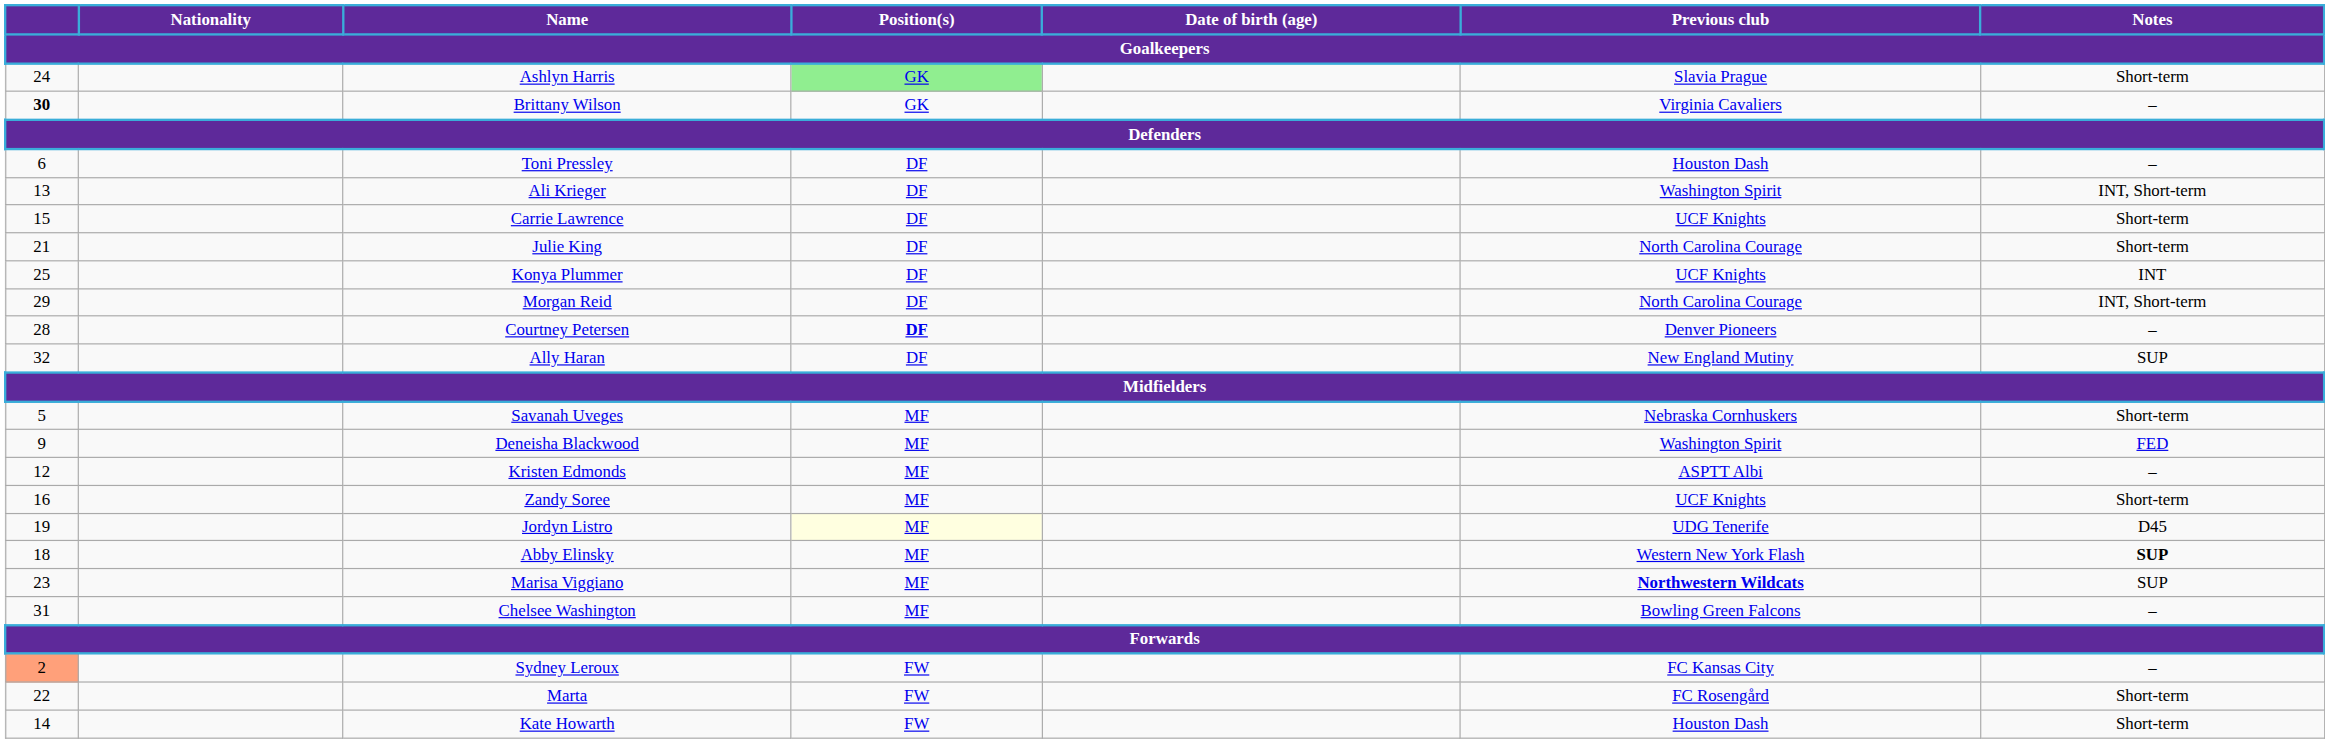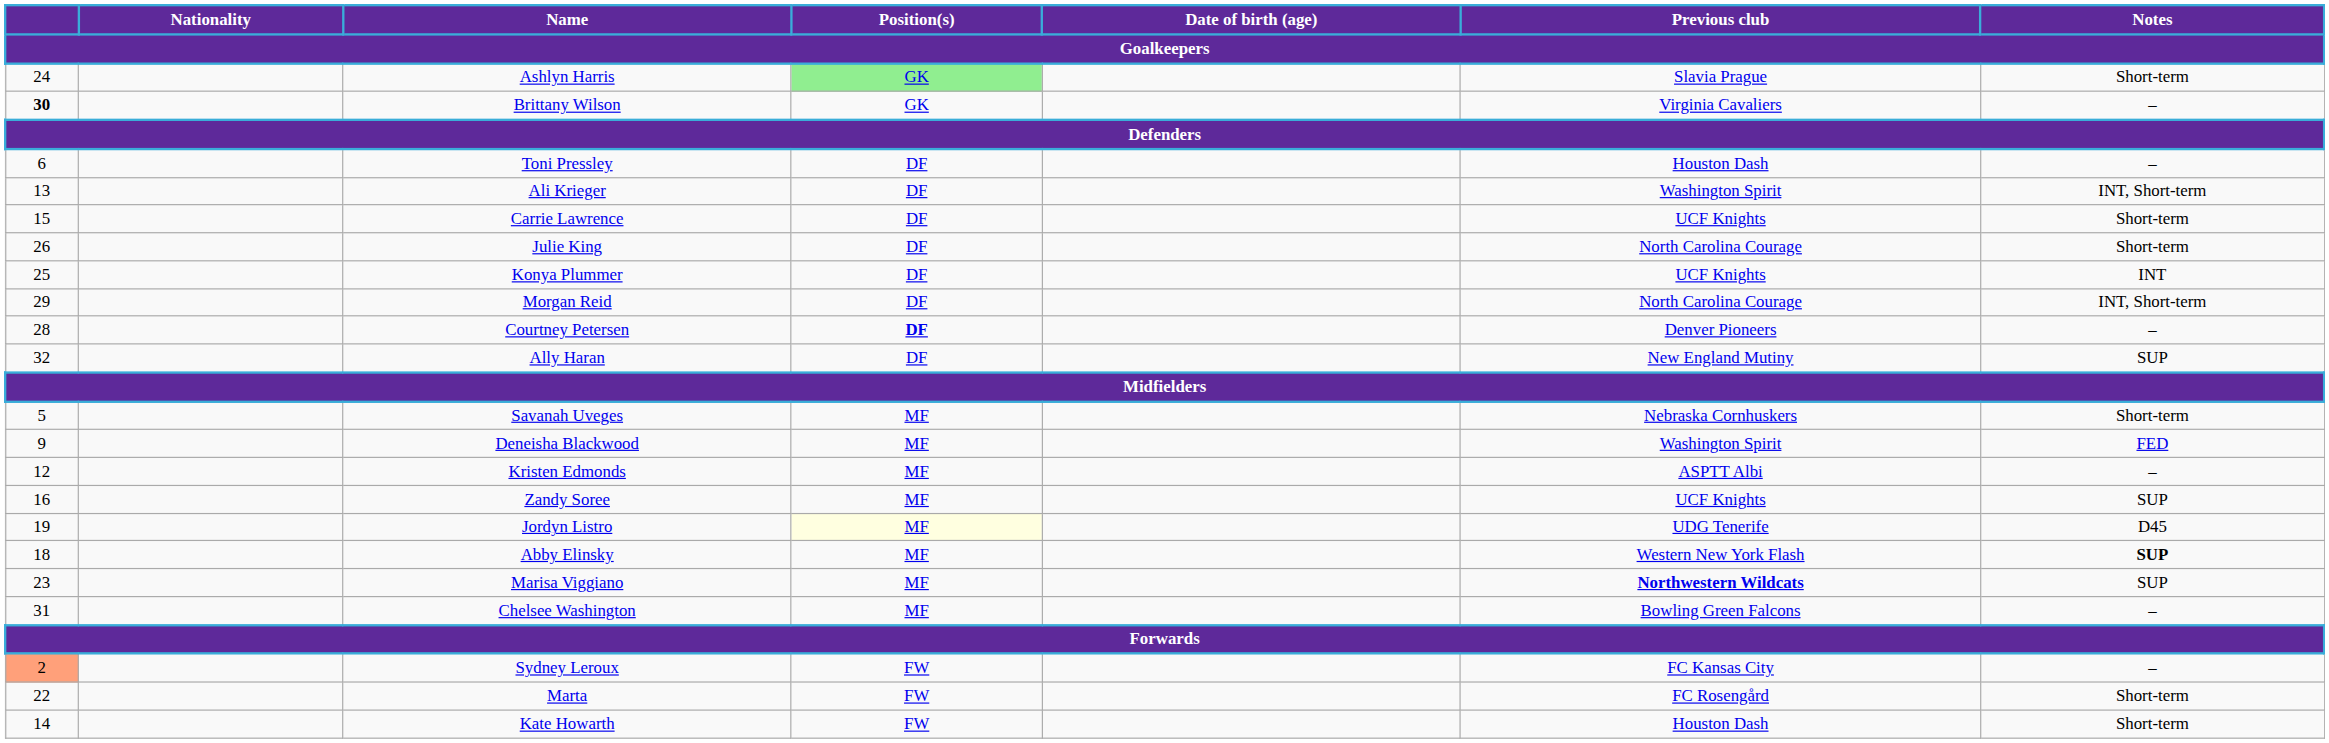 <table class="wikitable" style="text-align:center; font-size:90%; width:100%;">
 <tr>
 <th style="background:#5E299A; color:white; border:2px solid #3aadd9; text-align:center;"></th>
 <th style="background:#5E299A; color:white; border:2px solid #3aadd9; text-align:center;">Nationality</th>
 <th style="background:#5E299A; color:white; border:2px solid #3aadd9; text-align:center;">Name</th>
 <th style="background:#5E299A; color:white; border:2px solid #3aadd9; text-align:center;">Position(s)</th>
 <th style="background:#5E299A; color:white; border:2px solid #3aadd9; text-align:center;">Date of birth (age)</th>
 <th style="background:#5E299A; color:white; border:2px solid #3aadd9; text-align:center;">Previous club</th>
 <th style="background:#5E299A; color:white; border:2px solid #3aadd9; text-align:center;">Notes</th>
 </tr>
 <tr>
 <th colspan="7" style="text-align:center; background:#5E299A; color:white; border:2px solid #3aadd9;">Goalkeepers<br></th>
 </tr>
 <tr>
 <td>24</td>
 <td></td>
 <td><a href='#'>Ashlyn Harris</a></td>
 <td style="background: lightgreen;"><a href='#'>GK</a></td>
 <td></td>
 <td> <a href='#'>Slavia Prague</a></td>
 <td>Short-term</td>
 </tr>
 <tr>
 <td><strong>30</strong></td>
 <td></td>
 <td><a href='#'>Brittany Wilson</a></td>
 <td><a href='#'>GK</a></td>
 <td></td>
 <td> <a href='#'>Virginia Cavaliers</a></td>
 <td>–</td>
 </tr>
 <tr>
 <th colspan="7" style="text-align:center; background:#5E299A; color:white; border:2px solid #3aadd9;">Defenders</th>
 </tr>
 <tr>
 <td>6</td>
 <td></td>
 <td><a href='#'>Toni Pressley</a></td>
 <td><a href='#'>DF</a></td>
 <td></td>
 <td> <a href='#'>Houston Dash</a></td>
 <td>–<br> </td>
 </tr>
 <tr>
 <td>13</td>
 <td></td>
 <td><a href='#'>Ali Krieger</a></td>
 <td><a href='#'>DF</a></td>
 <td></td>
 <td> <a href='#'>Washington Spirit</a></td>
 <td>INT, Short-term</td>
 </tr>
 <tr>
 <td>15</td>
 <td></td>
 <td><a href='#'>Carrie Lawrence</a></td>
 <td><a href='#'>DF</a></td>
 <td></td>
 <td> <a href='#'>UCF Knights</a></td>
 <td>Short-term</td>
 </tr>
 <tr>
-<td>21</td>
+<td>26</td>
 <td></td>
 <td><a href='#'>Julie King</a></td>
 <td><a href='#'>DF</a></td>
 <td></td>
 <td> <a href='#'>North Carolina Courage</a></td>
 <td>Short-term</td>
 </tr>
 <tr>
 <td>25</td>
 <td></td>
 <td><a href='#'>Konya Plummer</a></td>
 <td><a href='#'>DF</a></td>
 <td></td>
 <td> <a href='#'>UCF Knights</a></td>
 <td>INT</td>
 </tr>
 <tr>
 <td>29</td>
 <td></td>
 <td><a href='#'>Morgan Reid</a></td>
 <td><a href='#'>DF</a></td>
 <td></td>
 <td> <a href='#'>North Carolina Courage</a></td>
 <td>INT, Short-term</td>
 </tr>
 <tr>
 <td>28</td>
 <td></td>
 <td><a href='#'>Courtney Petersen</a></td>
 <td><strong><a href='#'>DF</a></strong></td>
 <td></td>
 <td> <a href='#'>Denver Pioneers</a></td>
 <td>–<br></td>
 </tr>
 <tr>
 <td>32</td>
 <td></td>
 <td><a href='#'>Ally Haran</a></td>
 <td><a href='#'>DF</a></td>
 <td></td>
 <td> <a href='#'>New England Mutiny</a></td>
 <td>SUP</td>
 </tr>
 <tr>
 <th colspan="7" style="text-align:center; background:#5E299A; color:white; border:2px solid #3aadd9;">Midfielders</th>
 </tr>
 <tr>
 <td>5</td>
 <td></td>
 <td><a href='#'>Savanah Uveges</a></td>
 <td><a href='#'>MF</a></td>
 <td></td>
 <td> <a href='#'>Nebraska Cornhuskers</a></td>
 <td>Short-term</td>
 </tr>
 <tr>
 <td>9</td>
 <td></td>
 <td><a href='#'>Deneisha Blackwood</a></td>
 <td><a href='#'>MF</a></td>
 <td></td>
 <td> <a href='#'>Washington Spirit</a></td>
 <td><a href='#'>FED</a></td>
 </tr>
 <tr>
 <td>12</td>
 <td></td>
 <td><a href='#'>Kristen Edmonds</a></td>
 <td><a href='#'>MF</a></td>
 <td></td>
 <td> <a href='#'>ASPTT Albi</a></td>
 <td>–<br></td>
 </tr>
 <tr>
 <td>16</td>
 <td></td>
 <td><a href='#'>Zandy Soree</a></td>
 <td><a href='#'>MF</a></td>
 <td></td>
 <td> <a href='#'>UCF Knights</a></td>
-<td>Short-term</td>
+<td>SUP</td>
 </tr>
 <tr>
 <td>19</td>
 <td></td>
 <td><a href='#'>Jordyn Listro</a></td>
 <td style="background: lightyellow;"><a href='#'>MF</a></td>
 <td></td>
 <td> <a href='#'>UDG Tenerife</a></td>
 <td> D45</td>
 </tr>
 <tr>
 <td>18</td>
 <td></td>
 <td><a href='#'>Abby Elinsky</a></td>
 <td><a href='#'>MF</a></td>
 <td></td>
 <td> <a href='#'>Western New York Flash</a></td>
 <td><strong>SUP</strong></td>
 </tr>
 <tr>
 <td>23</td>
 <td></td>
 <td><a href='#'>Marisa Viggiano</a></td>
 <td><a href='#'>MF</a></td>
 <td></td>
 <td><strong> <a href='#'>Northwestern Wildcats</a></strong></td>
 <td>SUP<br></td>
 </tr>
 <tr>
 <td>31</td>
 <td></td>
 <td><a href='#'>Chelsee Washington</a></td>
 <td><a href='#'>MF</a></td>
 <td></td>
 <td> <a href='#'>Bowling Green Falcons</a></td>
 <td>–</td>
 </tr>
 <tr>
 <th colspan="7" style="text-align:center; background:#5E299A; color:white; border:2px solid #3aadd9;">Forwards</th>
 </tr>
 <tr>
 <td style="background: lightsalmon;">2</td>
 <td></td>
 <td><a href='#'>Sydney Leroux</a></td>
 <td><a href='#'>FW</a></td>
 <td></td>
 <td> <a href='#'>FC Kansas City</a></td>
 <td>–<br></td>
 </tr>
 <tr>
 <td>22</td>
 <td></td>
 <td><a href='#'>Marta</a></td>
 <td><a href='#'>FW</a></td>
 <td></td>
 <td> <a href='#'>FC Rosengård</a></td>
 <td>Short-term</td>
 </tr>
 <tr>
 <td>14</td>
 <td></td>
 <td><a href='#'>Kate Howarth</a></td>
 <td><a href='#'>FW</a></td>
 <td></td>
 <td> <a href='#'>Houston Dash</a></td>
 <td>Short-term</td>
 </tr>
 </table>
